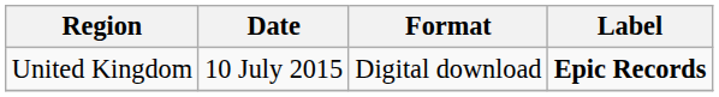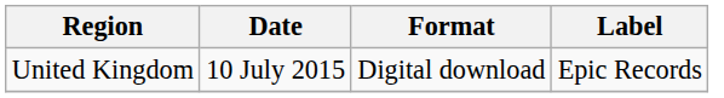 <table class=wikitable>
 <tr>
 <th>Region</th>
 <th>Date</th>
 <th>Format</th>
 <th>Label</th>
 </tr>
 <tr>
 <td>United Kingdom</td>
 <td>10 July 2015</td>
 <td>Digital download</td>
-<td><strong>Epic Records</strong></td>
+<td>Epic Records</td>
 </tr>
 <tr>
 </tr>
 </table>
